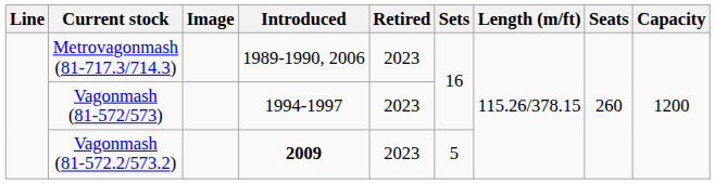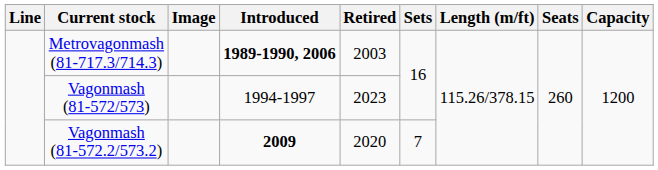 <table class="wikitable" style="margin: 0 auto; text-align:center;">
 <tr>
 <th>Line</th>
 <th>Current stock</th>
 <th>Image</th>
 <th>Introduced</th>
 <th>Retired</th>
 <th>Sets</th>
 <th>Length (m/ft)</th>
 <th>Seats</th>
 <th>Capacity</th>
 </tr>
 <tr>
 <td rowspan="5" style="background: #"></td>
 <td><a href='#'>Metrovagonmash</a><br>(<a href='#'>81-717.3/714.3</a>)</td>
 <td></td>
-<td>1989-1990, 2006</td>
-<td>2023</td>
+<td><strong>1989-1990, 2006</strong></td>
+<td>2003</td>
 <td rowspan="2">16</td>
 <td rowspan="3">115.26/378.15</td>
 <td rowspan="3">260</td>
 <td rowspan="3">1200</td>
 </tr>
 <tr>
 <td><a href='#'>Vagonmash</a><br>(<a href='#'>81-572/573</a>)</td>
 <td></td>
 <td>1994-1997</td>
 <td>2023</td>
 </tr>
 <tr>
 <td><a href='#'>Vagonmash</a><br>(<a href='#'>81-572.2/573.2</a>)</td>
 <td></td>
 <td><strong>2009</strong></td>
-<td>2023</td>
-<td>5</td>
+<td>2020</td>
+<td>7</td>
 </tr>
 </table>
